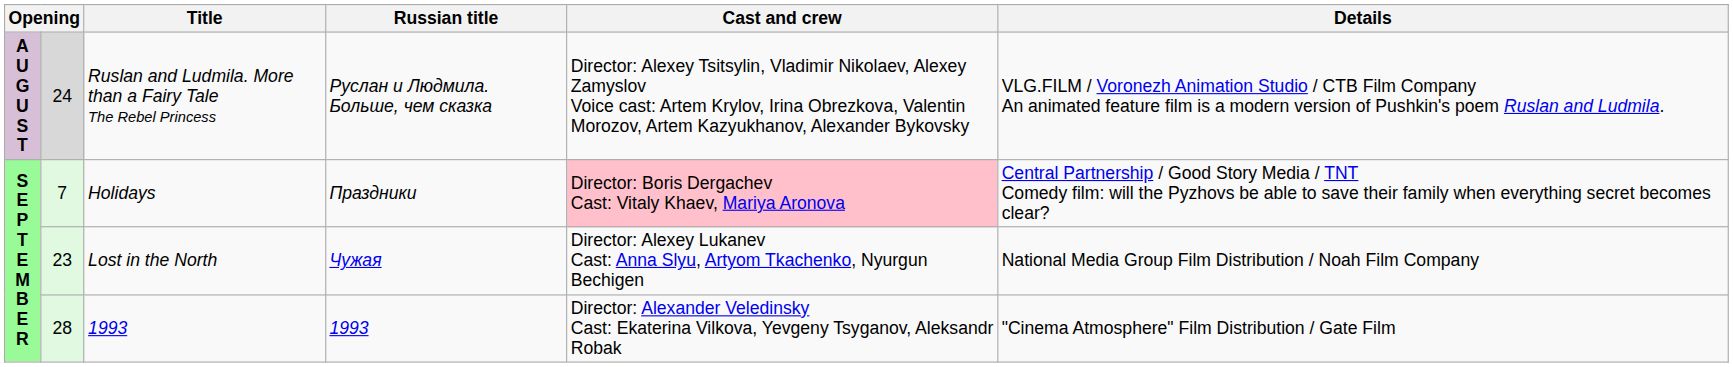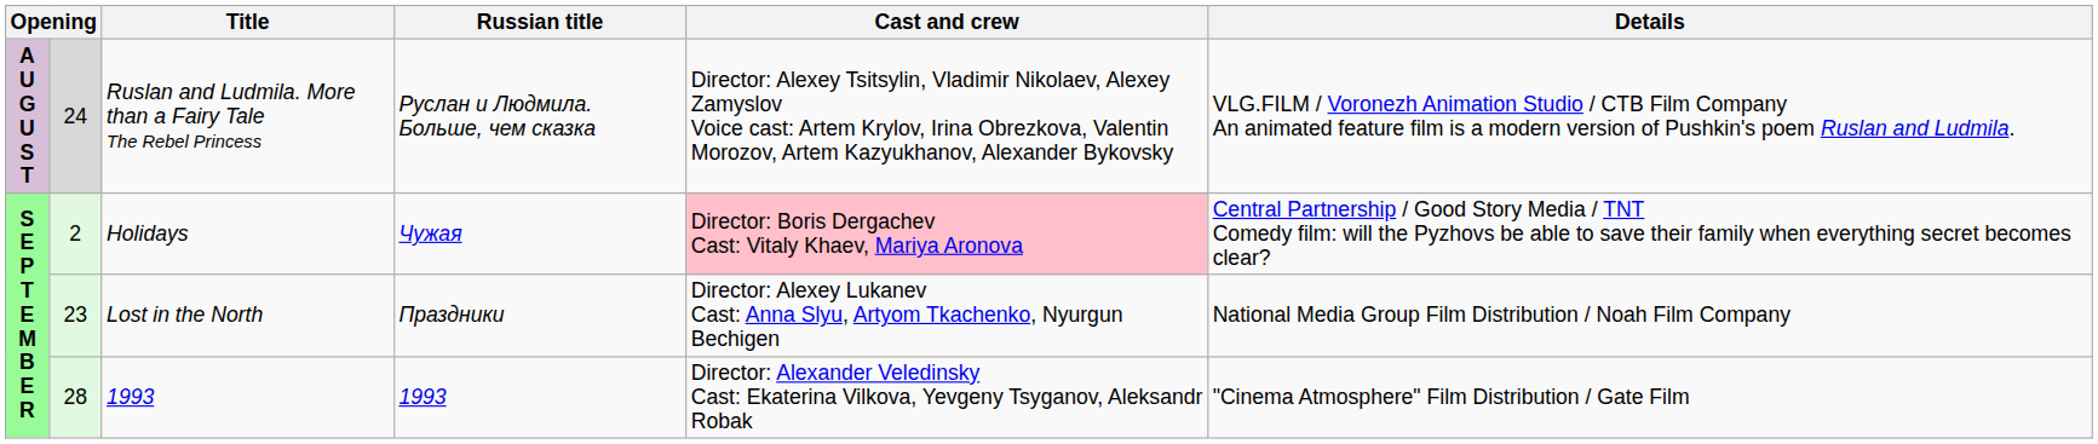 <table class="wikitable">
 <tr>
 <th colspan="2">Opening</th>
 <th style="width:14%;">Title</th>
 <th style="width:14%;">Russian title</th>
 <th style="width:25%;">Cast and crew</th>
 <th>Details</th>
 </tr>
 <tr>
 <th rowspan="1" align="center" style="background:thistle; textcolor:#000;">A<br>U<br>G<br>U<br>S<br>T</th>
 <td align="center" style="background:#d8d8d8;">24</td>
 <td><em>Ruslan and Ludmila. More than a Fairy Tale</em> <br> <small><em>The Rebel Princess</em></small></td>
 <td><em>Руслан и Людмила. Больше, чем сказка</em></td>
 <td>Director: Alexey Tsitsylin, Vladimir Nikolaev, Alexey Zamyslov <br> Voice cast: Artem Krylov, Irina Obrezkova, Valentin Morozov, Artem Kazyukhanov, Alexander Bykovsky</td>
 <td>VLG.FILM / <a href='#'>Voronezh Animation Studio</a> / CTB Film Company <br> An animated feature film is a modern version of Pushkin's poem <em><a href='#'>Ruslan and Ludmila</a></em>.</td>
 </tr>
 <tr>
 <th rowspan="3" align="center" style="background:#98fb98; textcolor:#000;">S<br>E<br>P<br>T<br>E<br>M<br>B<br>E<br>R</th>
-<td align="center" style="background:#e0f9e0;">7</td>
+<td align="center" style="background:#e0f9e0;">2</td>
 <td><em>Holidays</em></td>
-<td><em>Праздники</em></td>
+<td><em><a href='#'>Чужая</a></em></td>
 <td style="background: pink;">Director: Boris Dergachev <br> Cast: Vitaly Khaev, <a href='#'>Mariya Aronova</a></td>
 <td><a href='#'>Central Partnership</a> / Good Story Media / <a href='#'>TNT</a> <br> Comedy film: will the Pyzhovs be able to save their family when everything secret becomes clear?</td>
 </tr>
 <tr>
 <td align="center" style="background:#e0f9e0;">23</td>
 <td><em>Lost in the North</em></td>
-<td><em><a href='#'>Чужая</a></em></td>
+<td><em>Праздники</em></td>
 <td>Director: Alexey Lukanev <br> Cast: <a href='#'>Anna Slyu</a>, <a href='#'>Artyom Tkachenko</a>, Nyurgun Bechigen</td>
 <td>National Media Group Film Distribution / Noah Film Company</td>
 </tr>
 <tr>
 <td align="center" style="background:#e0f9e0;">28</td>
 <td><em><a href='#'>1993</a></em></td>
 <td><em><a href='#'>1993</a></em></td>
 <td>Director: <a href='#'>Alexander Veledinsky</a> <br> Cast: Ekaterina Vilkova, Yevgeny Tsyganov, Aleksandr Robak</td>
 <td>"Cinema Atmosphere" Film Distribution / Gate Film</td>
 </tr>
 </table>
